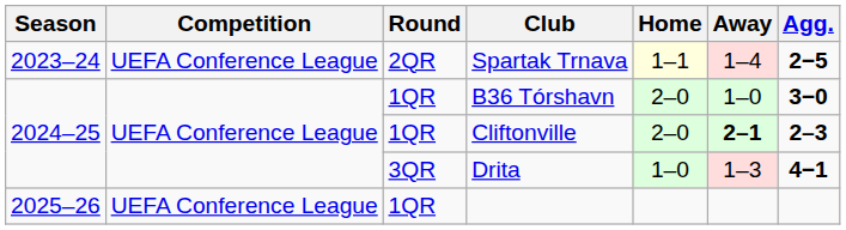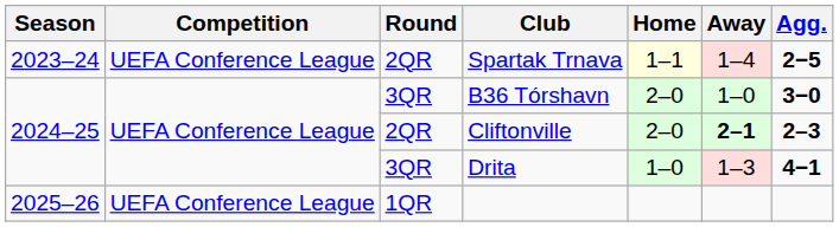 <table class="wikitable mw-collapsible mw-collapsed">
 <tr>
 <th>Season</th>
 <th>Competition</th>
 <th>Round</th>
 <th>Club</th>
 <th>Home</th>
 <th>Away</th>
 <th><a href='#'>Agg.</a></th>
 </tr>
 <tr>
 <td><a href='#'>2023–24</a></td>
 <td><a href='#'>UEFA Conference League</a></td>
 <td><a href='#'>2QR</a></td>
 <td> <a href='#'>Spartak Trnava</a></td>
 <td style="text-align:center; background:#ffd;">1–1</td>
 <td style="text-align:center; background:#fdd;">1–4</td>
 <td style="text-align:center;"><strong>2−5</strong></td>
 </tr>
 <tr>
 <td rowspan=3><a href='#'>2024–25</a></td>
 <td rowspan=3><a href='#'>UEFA Conference League</a></td>
-<td><a href='#'>1QR</a></td>
+<td><a href='#'>3QR</a></td>
 <td> <a href='#'>B36 Tórshavn</a></td>
 <td style="text-align:center; background:#dfd;">2–0</td>
 <td style="text-align:center; background:#dfd;">1–0</td>
 <td style="text-align:center;"><strong>3−0</strong></td>
 </tr>
 <tr>
-<td><a href='#'>1QR</a></td>
+<td><a href='#'>2QR</a></td>
 <td> <a href='#'>Cliftonville</a></td>
 <td style="text-align:center; background:#dfd;">2–0</td>
 <td style="text-align:center; background:#dfd;"><strong>2–1</strong></td>
 <td style="text-align:center;"><strong>2–3</strong></td>
 </tr>
 <tr>
 <td><a href='#'>3QR</a></td>
 <td> <a href='#'>Drita</a></td>
 <td style="text-align:center; background:#dfd;">1–0</td>
 <td style="text-align:center; background:#fdd;">1–3 </td>
 <td style="text-align:center;"><strong>4−1</strong></td>
 </tr>
 <tr>
 <td><a href='#'>2025–26</a></td>
 <td><a href='#'>UEFA Conference League</a></td>
 <td><a href='#'>1QR</a></td>
 <td></td>
 <td style="text-align:center;"></td>
 <td style="text-align:center;"></td>
 <td style="text-align:center;"></td>
 </tr>
 </table>
